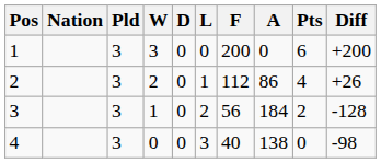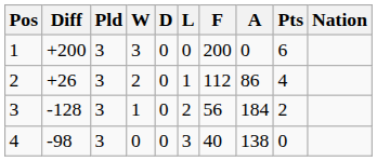 <table class="wikitable">
 <tr>
 <th>Pos</th>
-<th>Nation</th>
+<th>Diff</th>
 <th>Pld</th>
 <th>W</th>
 <th>D</th>
 <th>L</th>
 <th>F</th>
 <th>A</th>
 <th>Pts</th>
-<th>Diff</th>
+<th>Nation</th>
 </tr>
 <tr>
 <td>1</td>
-<td></td>
+<td>+200</td>
 <td>3</td>
 <td>3</td>
 <td>0</td>
 <td>0</td>
 <td>200</td>
 <td>0</td>
 <td>6</td>
-<td>+200</td>
+<td></td>
 </tr>
 <tr>
 <td>2</td>
-<td></td>
+<td>+26</td>
 <td>3</td>
 <td>2</td>
 <td>0</td>
 <td>1</td>
 <td>112</td>
 <td>86</td>
 <td>4</td>
-<td>+26</td>
+<td></td>
 </tr>
 <tr>
 <td>3</td>
-<td></td>
+<td>-128</td>
 <td>3</td>
 <td>1</td>
 <td>0</td>
 <td>2</td>
 <td>56</td>
 <td>184</td>
 <td>2</td>
-<td>-128</td>
+<td></td>
 </tr>
 <tr>
 <td>4</td>
-<td></td>
+<td>-98</td>
 <td>3</td>
 <td>0</td>
 <td>0</td>
 <td>3</td>
 <td>40</td>
 <td>138</td>
 <td>0</td>
-<td>-98</td>
+<td></td>
 </tr>
 </table>
